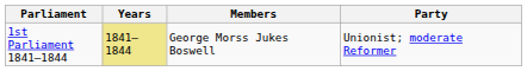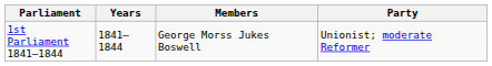 <table class="wikitable">
 <tr>
 <th>Parliament</th>
 <th>Years</th>
 <th colspan="2">Members</th>
 <th>Party</th>
 </tr>
 <tr>
 <td><a href='#'>1st Parliament</a><br>1841–1844</td>
-<td style="background: khaki;">1841–1844</td>
+<td>1841–1844</td>
 <td colspan="2">George Morss Jukes Boswell</td>
 <td>Unionist;  <a href='#'>moderate Reformer</a></td>
 </tr>
 </table>
